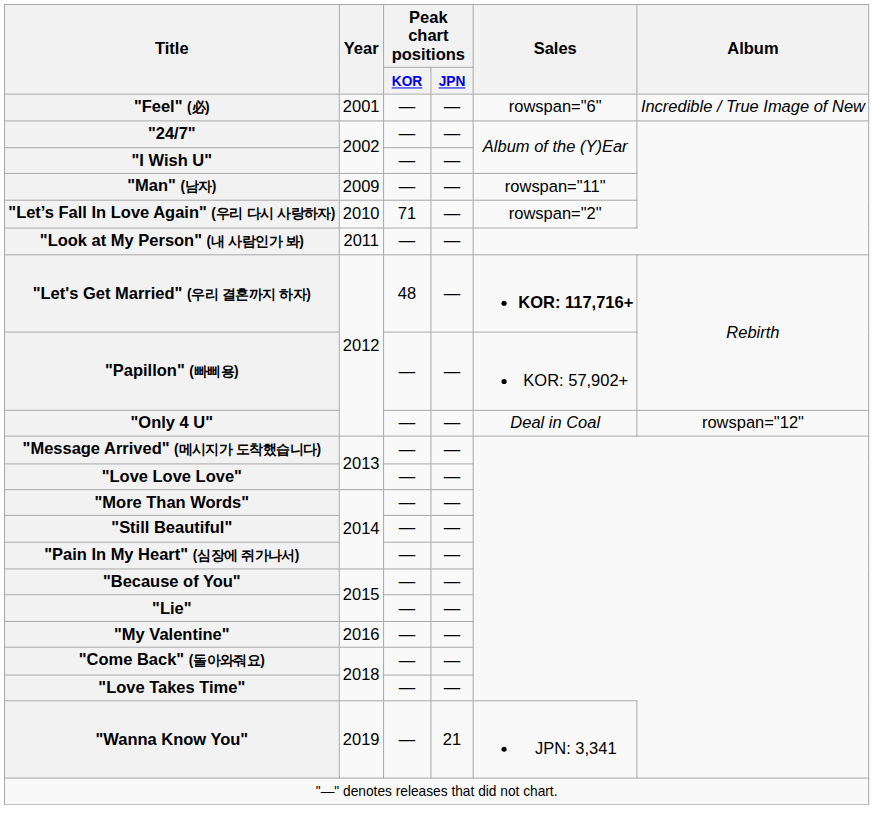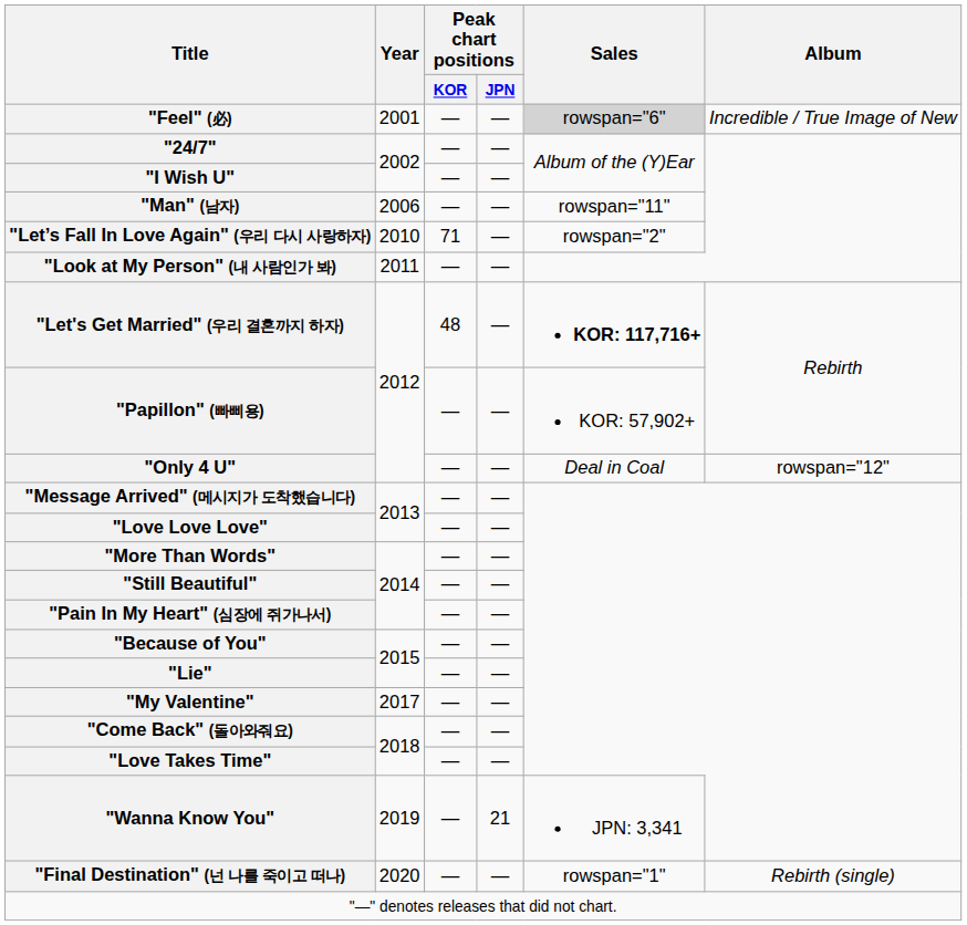 <table class="wikitable plainrowheaders" style="text-align:center;" border="1">
 <tr>
 <th scope="col" rowspan="2">Title</th>
 <th scope="col" rowspan="2">Year</th>
 <th scope="col" colspan="2" style="width:5em;">Peak chart positions</th>
 <th scope="col" rowspan="2">Sales</th>
 <th scope="col" rowspan="2">Album</th>
 </tr>
 <tr>
 <th><small><a href='#'>KOR</a></small><br></th>
 <th><small><a href='#'>JPN</a></small><br></th>
 </tr>
 <tr>
 <th scope="row">"Feel" <small>(必)</small></th>
 <td>2001</td>
 <td>—</td>
 <td>—</td>
-<td>rowspan="6" </td>
+<td style="background: lightgrey;">rowspan="6" </td>
 <td><em>Incredible / True Image of New</em></td>
 </tr>
 <tr>
 <th scope="row">"24/7"</th>
 <td rowspan="2">2002</td>
 <td>—</td>
 <td>—</td>
 <td rowspan="2"><em>Album of the (Y)Ear</em></td>
 </tr>
 <tr>
 <th scope="row">"I Wish U"</th>
 <td>—</td>
 <td>—</td>
 </tr>
 <tr>
 <th scope="row">"Man" <small>(남자)</small></th>
-<td>2009</td>
+<td>2006</td>
 <td>—</td>
 <td>—</td>
 <td>rowspan="11" </td>
 </tr>
 <tr>
 <th scope="row">"Let’s Fall In Love Again" <small>(우리 다시 사랑하자)</small></th>
 <td>2010</td>
 <td>71</td>
 <td>—</td>
 <td>rowspan="2" </td>
 </tr>
 <tr>
 <th scope="row">"Look at My Person" <small>(내 사람인가 봐)</small></th>
 <td>2011</td>
 <td>—</td>
 <td>—</td>
 </tr>
 <tr>
 <th scope="row">"Let's Get Married" <small>(우리 결혼까지 하자)</small></th>
 <td rowspan="3">2012</td>
 <td>48</td>
 <td>—</td>
 <td><strong><br><ul><li>KOR: 117,716+</li></ul></strong></td>
 <td rowspan="2"><em>Rebirth</em></td>
 </tr>
 <tr>
 <th scope="row">"Papillon" <small>(빠삐용)</small></th>
 <td>—</td>
 <td>—</td>
 <td><br><ul><li>KOR: 57,902+</li></ul></td>
 </tr>
 <tr>
 <th scope="row">"Only 4 U"</th>
 <td>—</td>
 <td>—</td>
 <td><em>Deal in Coal</em></td>
 <td>rowspan="12" </td>
 </tr>
 <tr>
 <th scope="row">"Message Arrived" <small>(메시지가 도착했습니다)</small></th>
 <td rowspan="2">2013</td>
 <td>—</td>
 <td>—</td>
 </tr>
 <tr>
 <th scope="row">"Love Love Love"</th>
 <td>—</td>
 <td>—</td>
 </tr>
 <tr>
 <th scope="row">"More Than Words"</th>
 <td rowspan="3">2014</td>
 <td>—</td>
 <td>—</td>
 </tr>
 <tr>
 <th scope="row">"Still Beautiful"</th>
 <td>—</td>
 <td>—</td>
 </tr>
 <tr>
 <th scope="row">"Pain In My Heart" <small>(심장에 쥐가나서)</small></th>
 <td>—</td>
 <td>—</td>
 </tr>
 <tr>
 <th scope="row">"Because of You"</th>
 <td rowspan="2">2015</td>
 <td>—</td>
 <td>—</td>
 </tr>
 <tr>
 <th scope="row">"Lie"</th>
 <td>—</td>
 <td>—</td>
 </tr>
 <tr>
 <th scope="row">"My Valentine"</th>
-<td>2016</td>
+<td>2017</td>
 <td>—</td>
 <td>—</td>
 </tr>
 <tr>
 <th scope="row">"Come Back" <small>(돌아와줘요)</small></th>
 <td rowspan="2">2018</td>
 <td>—</td>
 <td>—</td>
 </tr>
 <tr>
 <th scope="row">"Love Takes Time"</th>
 <td>—</td>
 <td>—</td>
 </tr>
 <tr>
 <th scope="row">"Wanna Know You"</th>
 <td>2019</td>
 <td>—</td>
 <td>21</td>
 <td><br><ul><li>JPN: 3,341</li></ul></td>
 </tr>
 <tr>
+<th scope="row">"Final Destination" <small>(넌 나를 죽이고 떠나)</small></th>
+<td rowspan="1">2020</td>
+<td>—</td>
+<td>—</td>
+<td>rowspan="1" </td>
+<td rowspan="1"><em>Rebirth (single)</em></td>
+</tr>
+<tr>
 <td colspan="6" align="center"><small>"—" denotes releases that did not chart.</small></td>
 </tr>
 </table>
